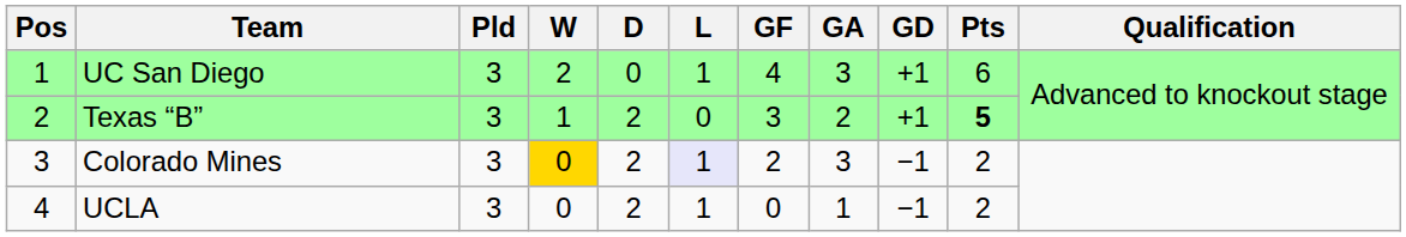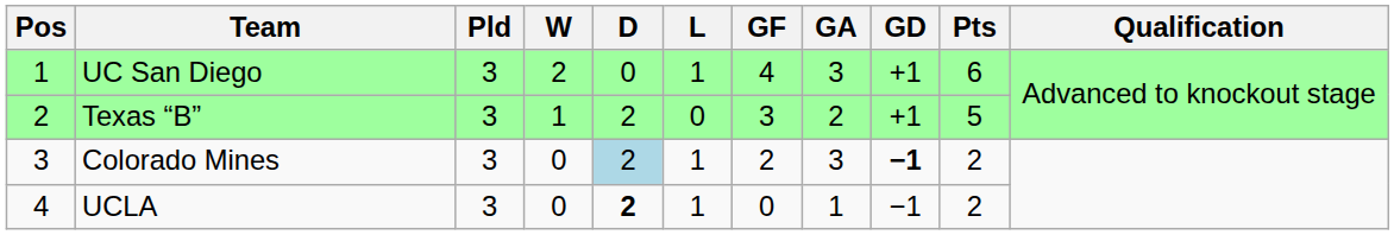 <table class="wikitable" style="text-align:center; margin: 1em auto">
 <tr>
 <th style=width:2em>Pos</th>
 <th style=width:13em>Team</th>
 <th style=width:2em>Pld</th>
 <th style=width:2em>W</th>
 <th style=width:2em>D</th>
 <th style=width:2em>L</th>
 <th style=width:2em>GF</th>
 <th style=width:2em>GA</th>
 <th style=width:2em>GD</th>
 <th style=width:2em>Pts</th>
 <th style=width:13em>Qualification</th>
 </tr>
 <tr bgcolor="#9eff9e">
 <td>1</td>
 <td style="text-align:left">UC San Diego</td>
 <td>3</td>
 <td>2</td>
 <td>0</td>
 <td>1</td>
 <td>4</td>
 <td>3</td>
 <td>+1</td>
 <td>6</td>
 <td rowspan="2">Advanced to knockout stage</td>
 </tr>
 <tr bgcolor="#9eff9e">
 <td>2</td>
 <td style="text-align:left">Texas “B”</td>
 <td>3</td>
 <td>1</td>
 <td>2</td>
 <td>0</td>
 <td>3</td>
 <td>2</td>
 <td>+1</td>
-<td><strong>5</strong></td>
+<td>5</td>
 </tr>
 <tr>
 <td>3</td>
 <td style="text-align:left">Colorado Mines</td>
 <td>3</td>
-<td style="background: gold;">0</td>
-<td>2</td>
-<td style="background: lavender;">1</td>
+<td>0</td>
+<td style="background: lightblue;">2</td>
+<td>1</td>
 <td>2</td>
 <td>3</td>
-<td>−1</td>
+<td><strong>−1</strong></td>
 <td>2</td>
 </tr>
 <tr>
 <td>4</td>
 <td style="text-align:left">UCLA</td>
 <td>3</td>
 <td>0</td>
-<td>2</td>
+<td><strong>2</strong></td>
 <td>1</td>
 <td>0</td>
 <td>1</td>
 <td>−1</td>
 <td>2</td>
 </tr>
 </table>
